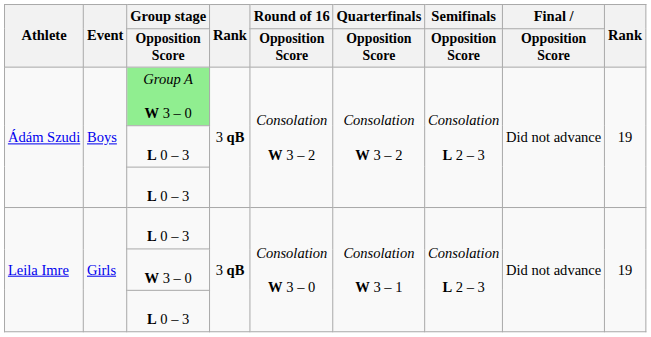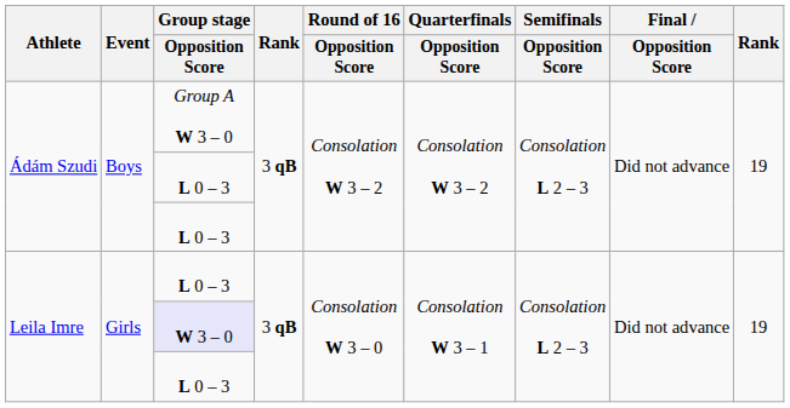 <table class=wikitable style="font-size:90%">
 <tr>
 <th rowspan="2">Athlete</th>
 <th rowspan="2">Event</th>
 <th>Group stage</th>
 <th rowspan="2">Rank</th>
 <th>Round of 16</th>
 <th>Quarterfinals</th>
 <th>Semifinals</th>
 <th>Final / </th>
 <th rowspan=2>Rank</th>
 </tr>
 <tr style="font-size:95%">
 <th>Opposition<br>Score</th>
 <th>Opposition<br>Score</th>
 <th>Opposition<br>Score</th>
 <th>Opposition<br>Score</th>
 <th>Opposition<br>Score</th>
 </tr>
 <tr align=center>
 <td align=left rowspan=3><a href='#'>Ádám Szudi</a></td>
 <td align=left rowspan=3><a href='#'>Boys</a></td>
-<td style="background: lightgreen;"><em>Group A</em><br><br><strong>W</strong> 3 – 0</td>
+<td><em>Group A</em><br><br><strong>W</strong> 3 – 0</td>
 <td rowspan=3>3 <strong>qB</strong></td>
 <td rowspan=3><em>Consolation</em><br><br><strong>W</strong> 3 – 2</td>
 <td rowspan=3><em>Consolation</em><br><br><strong>W</strong> 3 – 2</td>
 <td rowspan=3><em>Consolation</em><br><br><strong>L</strong> 2 – 3</td>
 <td rowspan=3>Did not advance</td>
 <td rowspan=3>19</td>
 </tr>
 <tr align=center>
 <td><br><strong>L</strong> 0 – 3</td>
 </tr>
 <tr align=center>
 <td><br><strong>L</strong> 0 – 3</td>
 </tr>
 <tr align=center>
 <td align=left rowspan=3><a href='#'>Leila Imre</a></td>
 <td align=left rowspan=3><a href='#'>Girls</a></td>
 <td><br><strong>L</strong> 0 – 3</td>
 <td rowspan=3>3 <strong>qB</strong></td>
 <td rowspan=3><em>Consolation</em><br><br><strong>W</strong> 3 – 0</td>
 <td rowspan=3><em>Consolation</em><br><br><strong>W</strong> 3 – 1</td>
 <td rowspan=3><em>Consolation</em><br><br><strong>L</strong> 2 – 3</td>
 <td rowspan=3>Did not advance</td>
 <td rowspan=3>19</td>
 </tr>
 <tr align=center>
-<td><br><strong>W</strong> 3 – 0</td>
+<td style="background: lavender;"><br><strong>W</strong> 3 – 0</td>
 </tr>
 <tr align=center>
 <td><br><strong>L</strong> 0 – 3</td>
 </tr>
 </table>
